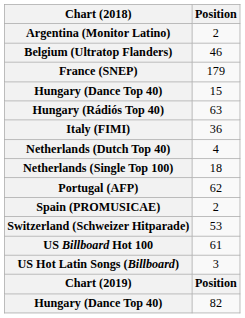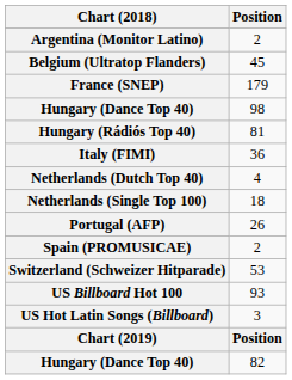 <table class="wikitable plainrowheaders sortable" style="text-align:center">
 <tr>
 <th scope="col">Chart (2018)</th>
 <th scope="col">Position</th>
 </tr>
 <tr>
 <th scope="row">Argentina (Monitor Latino)</th>
 <td>2</td>
 </tr>
 <tr>
 <th scope="row">Belgium (Ultratop Flanders)</th>
-<td>46</td>
+<td>45</td>
 </tr>
 <tr>
 <th scope="row">France (SNEP)</th>
 <td>179</td>
 </tr>
 <tr>
 <th scope="row">Hungary (Dance Top 40)</th>
-<td>15</td>
+<td>98</td>
 </tr>
 <tr>
 <th scope="row">Hungary (Rádiós Top 40)</th>
-<td>63</td>
+<td>81</td>
 </tr>
 <tr>
 <th scope="row">Italy (FIMI)</th>
 <td>36</td>
 </tr>
 <tr>
 <th scope="row">Netherlands (Dutch Top 40)</th>
 <td>4</td>
 </tr>
 <tr>
 <th scope="row">Netherlands (Single Top 100)</th>
 <td>18</td>
 </tr>
 <tr>
 <th scope="row">Portugal (AFP)</th>
-<td>62</td>
+<td>26</td>
 </tr>
 <tr>
 <th scope="row">Spain (PROMUSICAE)</th>
 <td>2</td>
 </tr>
 <tr>
 <th scope="row">Switzerland (Schweizer Hitparade)</th>
 <td>53</td>
 </tr>
 <tr>
 <th scope="row">US <em>Billboard</em> Hot 100</th>
-<td>61</td>
+<td>93</td>
 </tr>
 <tr>
 <th scope="row">US Hot Latin Songs (<em>Billboard</em>)</th>
 <td>3</td>
 </tr>
 <tr>
 <th scope="col">Chart (2019)</th>
 <th scope="col">Position</th>
 </tr>
 <tr>
 <th scope="row">Hungary (Dance Top 40)</th>
 <td>82</td>
 </tr>
 </table>
